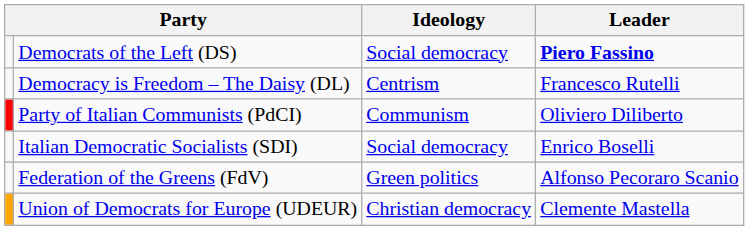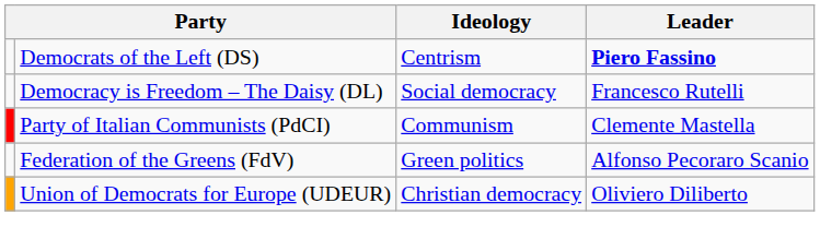 <table class=wikitable style=text-align:left>
 <tr>
 <th colspan=2>Party</th>
 <th>Ideology</th>
 <th>Leader</th>
 </tr>
 <tr>
 <td></td>
 <td><a href='#'>Democrats of the Left</a> (DS)</td>
-<td><a href='#'>Social democracy</a></td>
+<td><a href='#'>Centrism</a></td>
 <td><strong><a href='#'>Piero Fassino</a></strong></td>
 </tr>
 <tr>
 <td></td>
 <td><a href='#'>Democracy is Freedom – The Daisy</a> (DL)</td>
-<td><a href='#'>Centrism</a></td>
+<td><a href='#'>Social democracy</a></td>
 <td><a href='#'>Francesco Rutelli</a></td>
 </tr>
 <tr>
 <td bgcolor="red"></td>
 <td><a href='#'>Party of Italian Communists</a> (PdCI)</td>
 <td><a href='#'>Communism</a></td>
-<td><a href='#'>Oliviero Diliberto</a></td>
-</tr>
-<tr>
-<td></td>
-<td><a href='#'>Italian Democratic Socialists</a> (SDI)</td>
-<td><a href='#'>Social democracy</a></td>
-<td><a href='#'>Enrico Boselli</a></td>
+<td><a href='#'>Clemente Mastella</a></td>
 </tr>
 <tr>
 <td></td>
 <td><a href='#'>Federation of the Greens</a> (FdV)</td>
 <td><a href='#'>Green politics</a></td>
 <td><a href='#'>Alfonso Pecoraro Scanio</a></td>
 </tr>
 <tr>
 <td bgcolor="orange"></td>
 <td><a href='#'>Union of Democrats for Europe</a> (UDEUR)</td>
 <td><a href='#'>Christian democracy</a></td>
-<td><a href='#'>Clemente Mastella</a></td>
+<td><a href='#'>Oliviero Diliberto</a></td>
 </tr>
 </table>
